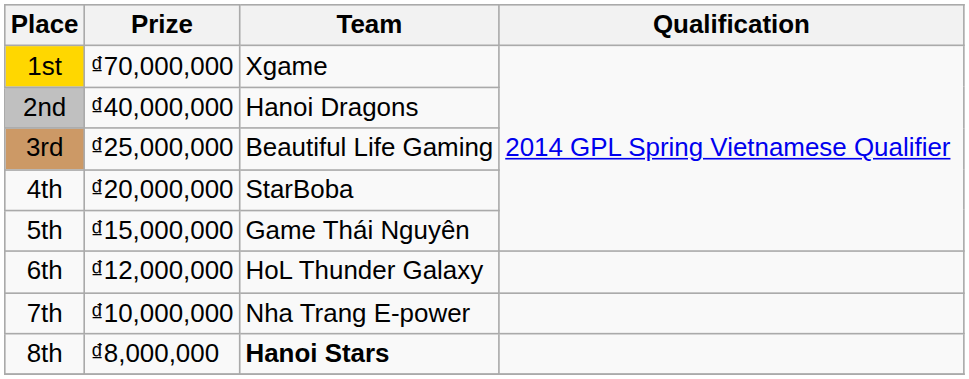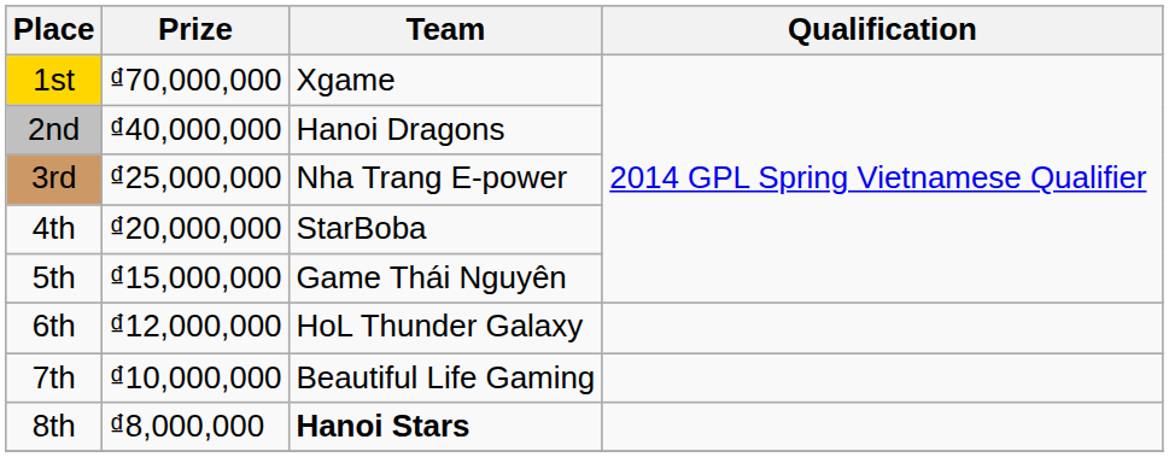 <table class="wikitable" style="text-align:left">
 <tr>
 <th style="text-align:center"><strong>Place</strong></th>
 <th style="text-align:center"><strong>Prize</strong></th>
 <th style="text-align:center"><strong>Team</strong></th>
 <th style="text-align:center"><strong>Qualification</strong></th>
 </tr>
 <tr>
 <td style="text-align:center; background:gold;">1st</td>
 <td>₫70,000,000</td>
 <td>Xgame</td>
 <td style="text-align:center" rowspan="5"><a href='#'>2014 GPL Spring Vietnamese Qualifier</a>	⁠</td>
 </tr>
 <tr>
 <td style="text-align:center; background:silver;">2nd</td>
 <td>₫40,000,000</td>
 <td>Hanoi Dragons</td>
 </tr>
 <tr>
 <td style="text-align:center; background:#c96;">3rd</td>
 <td>₫25,000,000</td>
-<td>Beautiful Life Gaming</td>
+<td>Nha Trang E-power</td>
 </tr>
 <tr>
 <td style="text-align:center">4th</td>
 <td>₫20,000,000</td>
 <td>StarBoba</td>
 </tr>
 <tr>
 <td style="text-align:center">5th</td>
 <td>₫15,000,000</td>
 <td>Game Thái Nguyên</td>
 </tr>
 <tr>
 <td style="text-align:center">6th</td>
 <td>₫12,000,000</td>
 <td>HoL Thunder Galaxy</td>
 <td style="text-align:center">⁠</td>
 </tr>
 <tr>
 <td style="text-align:center">7th</td>
 <td>₫10,000,000</td>
-<td>Nha Trang E-power</td>
+<td>Beautiful Life Gaming</td>
 <td style="text-align:center">⁠</td>
 </tr>
 <tr>
 <td style="text-align:center">8th</td>
 <td>₫8,000,000</td>
 <td><strong>Hanoi Stars</strong></td>
 <td style="text-align:center">⁠</td>
 </tr>
 <tr>
 </tr>
 </table>
